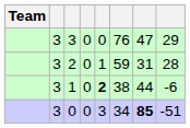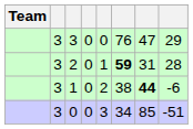 <table class="wikitable" style="text-align: center;">
 <tr>
 <th>Team</th>
 <th></th>
 <th></th>
 <th></th>
 <th></th>
 <th></th>
 <th></th>
 <th></th>
 </tr>
 <tr bgcolor="ccffcc">
 <td align="left"></td>
 <td>3</td>
 <td>3</td>
 <td>0</td>
 <td>0</td>
 <td>76</td>
 <td>47</td>
 <td>29</td>
 </tr>
 <tr bgcolor="ccffcc">
 <td align="left"></td>
 <td>3</td>
 <td>2</td>
 <td>0</td>
 <td>1</td>
-<td>59</td>
+<td><strong>59</strong></td>
 <td>31</td>
 <td>28</td>
 </tr>
 <tr bgcolor="ccffcc">
 <td align="left"></td>
 <td>3</td>
 <td>1</td>
 <td>0</td>
-<td><strong>2</strong></td>
+<td>2</td>
 <td>38</td>
-<td>44</td>
+<td><strong>44</strong></td>
 <td>-6</td>
 </tr>
 <tr bgcolor="ccccff">
 <td align="left"></td>
 <td>3</td>
 <td>0</td>
 <td>0</td>
 <td>3</td>
 <td>34</td>
-<td><strong>85</strong></td>
+<td>85</td>
 <td>-51</td>
 </tr>
 </table>
